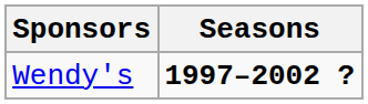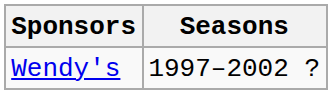 <table class="wikitable collapsible">
 <tr>
 <th>Sponsors</th>
 <th>Seasons</th>
 </tr>
 <tr>
 <td><a href='#'>Wendy's</a></td>
-<td><strong>1997–2002 ?</strong></td>
+<td>1997–2002 ?</td>
 </tr>
 <tr>
 </tr>
 </table>
